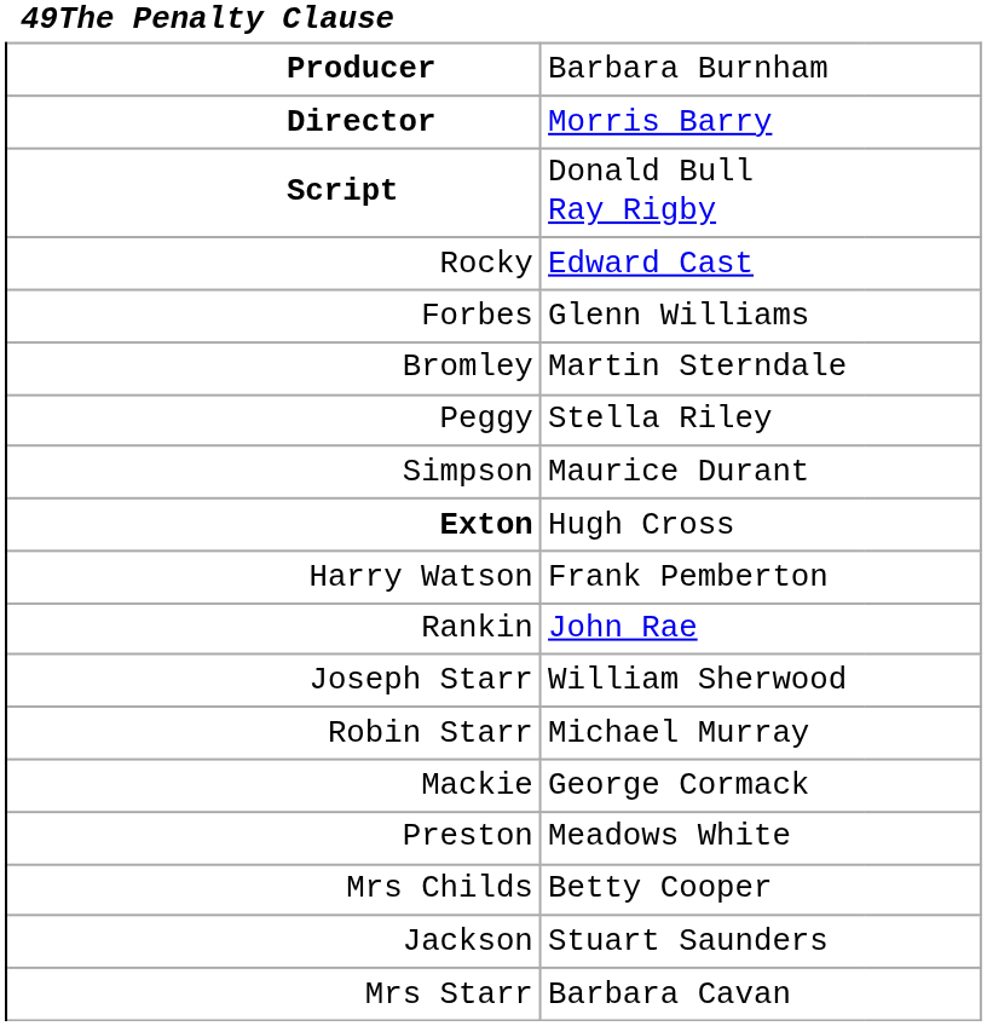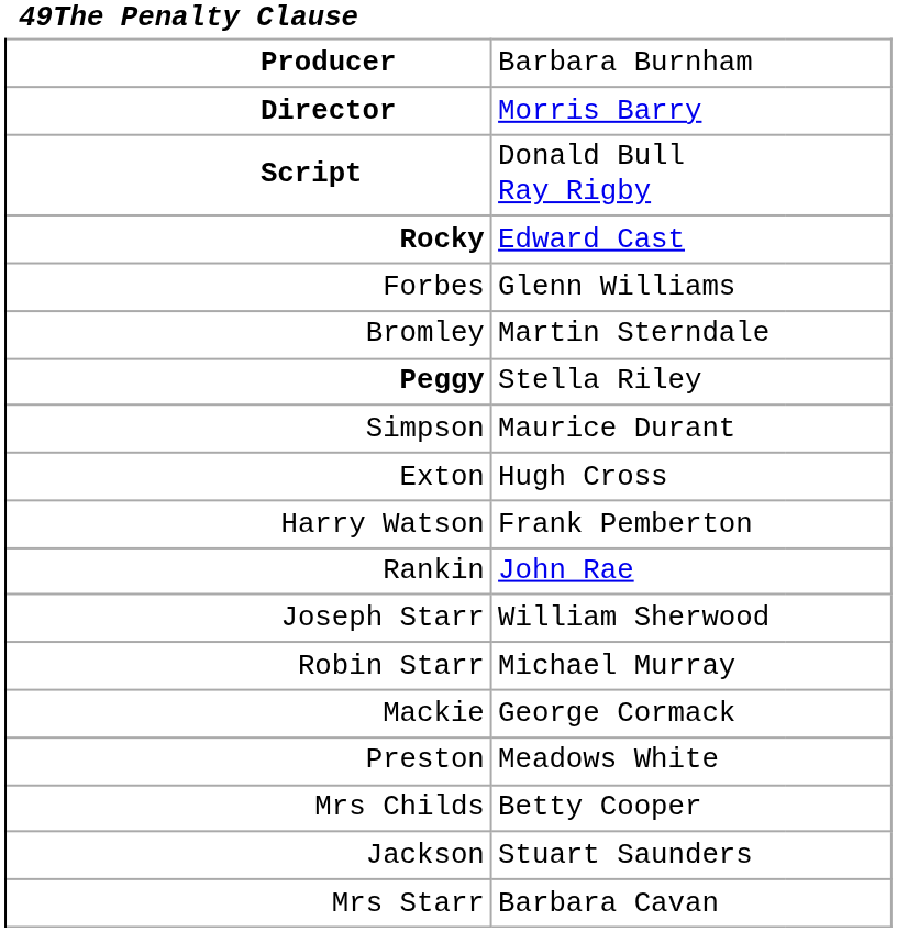 <table class="wikitable mw-collapsible mw-collapsed" style="vertical-align:top;margin:auto 2em;line-height:1.2;min-width:33em;display: inline-table;background-color:inherit;border:none;">
 <tr>
 <td class=unsortable style="border:hidden;line-height:1.67;text-align:center;margin-left:-1em;padding-left:0.5em;min-width:1.0em;"></td>
 <td class=unsortable style="border:none;padding-left:0.5em;text-align:left;min-width:16.5em;font-weight:700;font-style:italic;">49The Penalty Clause</td>
 <td class=unsortable style="border:none;text-align:right;font-weight:normal;font-family:Courier;font-size:95%;letter-spacing:-1pt;min-width:8.5em;padding-right:0.2em;"></td>
 <td class=unsortable style="border:hidden;min-width:3.5em;padding-left:0;"></td>
 <td class=unsortable style="border:hidden;min-width:3.5em;font-size:95%;"></td>
 </tr>
 <tr>
 <td rowspan=100 style="border:none thin;border-right-style :solid;"></td>
 </tr>
 <tr>
 <td style="text-align:left;padding-left:9.0em;font-weight:bold;">Producer</td>
 <td colspan=2>Barbara Burnham</td>
 </tr>
 <tr>
 <td style="text-align:left;padding-left:9.0em;font-weight:bold;">Director</td>
 <td colspan=2><a href='#'>Morris Barry</a></td>
 </tr>
 <tr>
 <td style="text-align:left;padding-left:9.0em;font-weight:bold;">Script</td>
 <td colspan=2>Donald Bull<br><a href='#'>Ray Rigby</a></td>
 </tr>
 <tr>
-<td style="text-align:right;">Rocky</td>
+<td style="text-align:right;"><strong>Rocky</strong></td>
 <td colspan=2><a href='#'>Edward Cast</a></td>
 </tr>
 <tr>
 <td style="text-align:right;">Forbes</td>
 <td colspan=2>Glenn Williams</td>
 </tr>
 <tr>
 <td style="text-align:right;">Bromley</td>
 <td colspan=2>Martin Sterndale</td>
 </tr>
 <tr>
-<td style="text-align:right;">Peggy</td>
+<td style="text-align:right;"><strong>Peggy</strong></td>
 <td colspan=2>Stella Riley</td>
 </tr>
 <tr>
 <td style="text-align:right;">Simpson</td>
 <td colspan=2>Maurice Durant</td>
 </tr>
 <tr>
-<td style="text-align:right;"><strong>Exton</strong></td>
+<td style="text-align:right;">Exton</td>
 <td colspan=2>Hugh Cross</td>
 </tr>
 <tr>
 <td style="text-align:right;">Harry Watson</td>
 <td colspan=2>Frank Pemberton</td>
 </tr>
 <tr>
 <td style="text-align:right;">Rankin</td>
 <td colspan=2><a href='#'>John Rae</a></td>
 </tr>
 <tr>
 <td style="text-align:right;">Joseph Starr</td>
 <td colspan=2>William Sherwood</td>
 </tr>
 <tr>
 <td style="text-align:right;">Robin Starr</td>
 <td colspan=2>Michael Murray</td>
 </tr>
 <tr>
 <td style="text-align:right;">Mackie</td>
 <td colspan=2>George Cormack</td>
 </tr>
 <tr>
 <td style="text-align:right;">Preston</td>
 <td colspan=2>Meadows White</td>
 </tr>
 <tr>
 <td style="text-align:right;">Mrs Childs</td>
 <td colspan=2>Betty Cooper</td>
 </tr>
 <tr>
 <td style="text-align:right;">Jackson</td>
 <td colspan=2>Stuart Saunders</td>
 </tr>
 <tr>
 <td style="text-align:right;">Mrs Starr</td>
 <td colspan=2>Barbara Cavan</td>
 </tr>
 </table>
